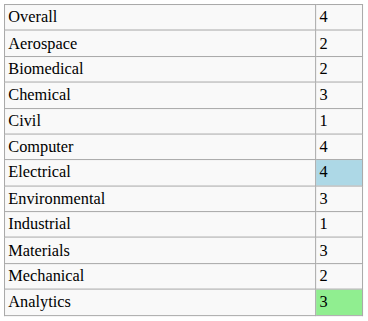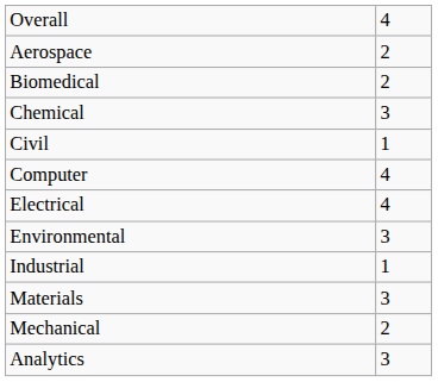 <table class="wikitable floatright" style="width: 22em;">
 <tr>
 <td>Overall</td>
 <td>4</td>
 </tr>
 <tr>
 <td>Aerospace</td>
 <td>2</td>
 </tr>
 <tr>
 <td>Biomedical</td>
 <td>2</td>
 </tr>
 <tr>
 <td>Chemical</td>
 <td>3</td>
 </tr>
 <tr>
 <td>Civil</td>
 <td>1</td>
 </tr>
 <tr>
 <td>Computer</td>
 <td>4</td>
 </tr>
 <tr>
 <td>Electrical</td>
-<td style="background: lightblue;">4</td>
+<td>4</td>
 </tr>
 <tr>
 <td>Environmental</td>
 <td>3</td>
 </tr>
 <tr>
 <td>Industrial</td>
 <td>1</td>
 </tr>
 <tr>
 <td>Materials</td>
 <td>3</td>
 </tr>
 <tr>
 <td>Mechanical</td>
 <td>2</td>
 </tr>
 <tr>
 <td>Analytics</td>
-<td style="background: lightgreen;">3</td>
+<td>3</td>
 </tr>
 </table>
